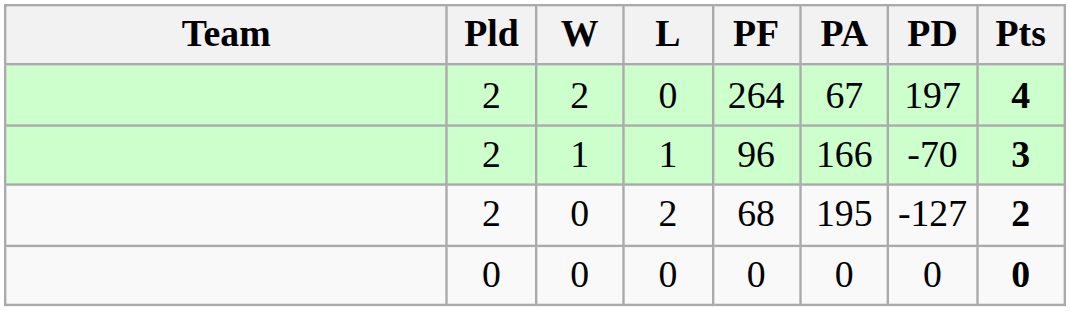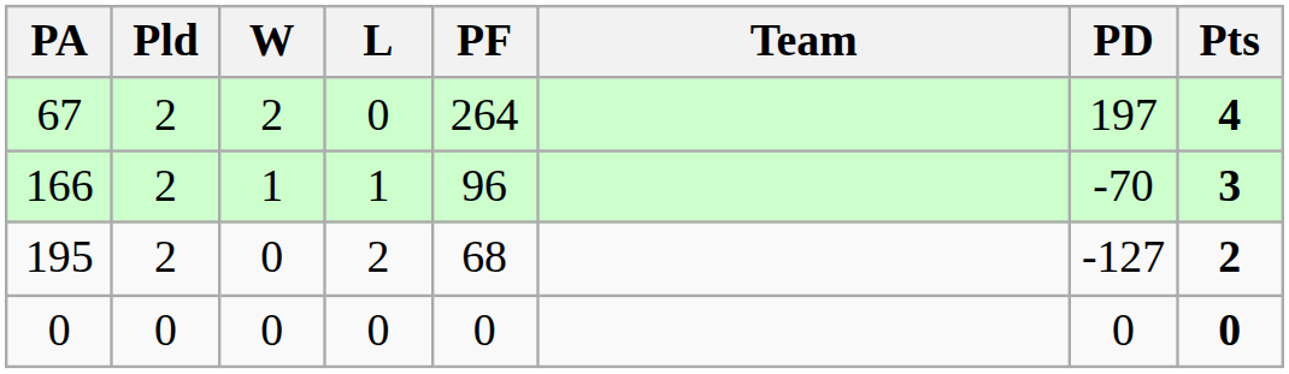 <table class=wikitable style="text-align:center">
 <tr>
-<th width=180>Team</th>
+<th width=30>PA</th>
 <th width=30>Pld</th>
 <th width=30>W</th>
 <th width=30>L</th>
 <th width=30>PF</th>
-<th width=30>PA</th>
+<th width=180>Team</th>
 <th width=30>PD</th>
 <th width=30>Pts</th>
 </tr>
 <tr bgcolor="#ccffcc">
-<td align="left"></td>
+<td>67</td>
 <td>2</td>
 <td>2</td>
 <td>0</td>
 <td>264</td>
-<td>67</td>
+<td align="left"></td>
 <td>197</td>
 <td><strong>4</strong></td>
 </tr>
 <tr bgcolor="#ccffcc">
-<td align="left"></td>
+<td>166</td>
 <td>2</td>
 <td>1</td>
 <td>1</td>
 <td>96</td>
-<td>166</td>
+<td align="left"></td>
 <td>-70</td>
 <td><strong>3</strong></td>
 </tr>
 <tr>
-<td align="left"></td>
+<td>195</td>
 <td>2</td>
 <td>0</td>
 <td>2</td>
 <td>68</td>
-<td>195</td>
+<td align="left"></td>
 <td>-127</td>
 <td><strong>2</strong></td>
 </tr>
 <tr>
-<td align="left"></td>
 <td>0</td>
 <td>0</td>
 <td>0</td>
 <td>0</td>
 <td>0</td>
+<td align="left"></td>
 <td>0</td>
 <td><strong>0</strong></td>
 </tr>
 </table>
